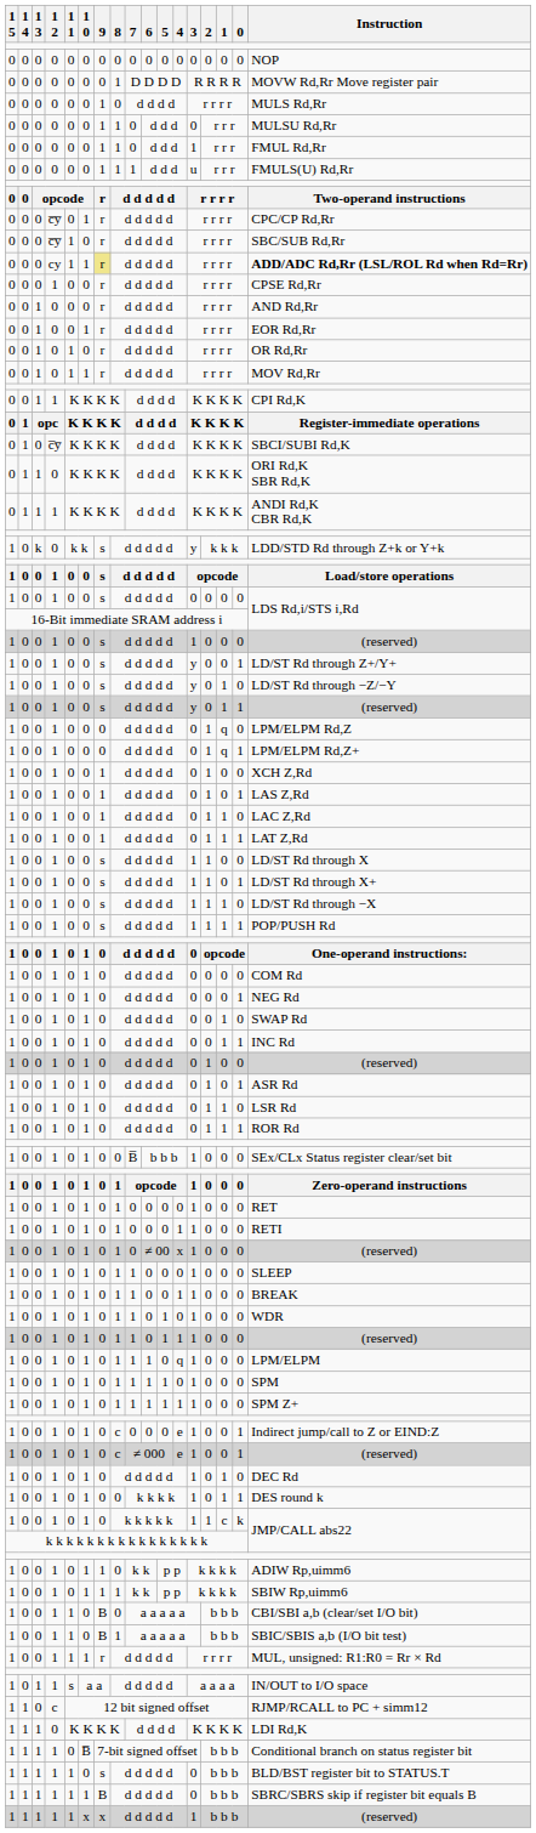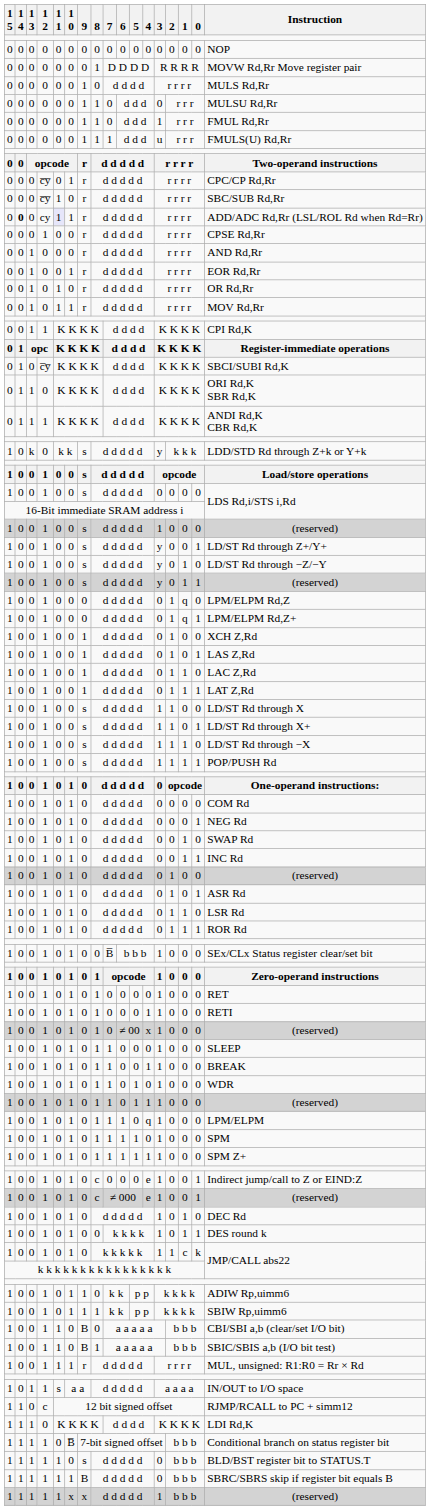 <table class="wikitable" style="text-align:center">
 <tr>
 <th>1<br>5</th>
 <th>1<br>4</th>
 <th>1<br>3</th>
 <th>1<br>2</th>
 <th>1<br>1</th>
 <th>1<br>0</th>
 <th><br>9</th>
 <th><br>8</th>
 <th><br>7</th>
 <th><br>6</th>
 <th><br>5</th>
 <th><br>4</th>
 <th><br>3</th>
 <th><br>2</th>
 <th><br>1</th>
 <th><br>0</th>
 <th>Instruction</th>
 </tr>
 <tr>
 <td colspan=17></td>
 </tr>
 <tr>
 <td>0</td>
 <td>0</td>
 <td>0</td>
 <td>0</td>
 <td>0</td>
 <td>0</td>
 <td>0</td>
 <td>0</td>
 <td>0</td>
 <td>0</td>
 <td>0</td>
 <td>0</td>
 <td>0</td>
 <td>0</td>
 <td>0</td>
 <td>0</td>
 <td align=left>NOP</td>
 </tr>
 <tr>
 <td>0</td>
 <td>0</td>
 <td>0</td>
 <td>0</td>
 <td>0</td>
 <td>0</td>
 <td>0</td>
 <td>1</td>
 <td colspan=4>D D D D</td>
 <td colspan=4>R R R R</td>
 <td align=left>MOVW Rd,Rr Move register pair</td>
 </tr>
 <tr>
 <td>0</td>
 <td>0</td>
 <td>0</td>
 <td>0</td>
 <td>0</td>
 <td>0</td>
 <td>1</td>
 <td>0</td>
 <td colspan=4>d d d d</td>
 <td colspan=4>r r r r</td>
 <td align=left>MULS Rd,Rr</td>
 </tr>
 <tr>
 <td>0</td>
 <td>0</td>
 <td>0</td>
 <td>0</td>
 <td>0</td>
 <td>0</td>
 <td>1</td>
 <td>1</td>
 <td>0</td>
 <td colspan=3>d d d</td>
 <td>0</td>
 <td colspan=3>r r r</td>
 <td align=left>MULSU Rd,Rr</td>
 </tr>
 <tr>
 <td>0</td>
 <td>0</td>
 <td>0</td>
 <td>0</td>
 <td>0</td>
 <td>0</td>
 <td>1</td>
 <td>1</td>
 <td>0</td>
 <td colspan=3>d d d</td>
 <td>1</td>
 <td colspan=3>r r r</td>
 <td align=left>FMUL Rd,Rr</td>
 </tr>
 <tr>
 <td>0</td>
 <td>0</td>
 <td>0</td>
 <td>0</td>
 <td>0</td>
 <td>0</td>
 <td>1</td>
 <td>1</td>
 <td>1</td>
 <td colspan=3>d d d</td>
 <td>u</td>
 <td colspan=3>r r r</td>
 <td align=left>FMULS(U) Rd,Rr</td>
 </tr>
 <tr>
 <td colspan=17></td>
 </tr>
 <tr>
 <th>0</th>
 <th>0</th>
 <th colspan=4>opcode</th>
 <th>r</th>
 <th colspan=5>d d d d d</th>
 <th colspan=4>r r r r</th>
 <th align=left>Two-operand instructions</th>
 </tr>
 <tr>
 <td>0</td>
 <td>0</td>
 <td>0</td>
 <td>c̅y̅</td>
 <td>0</td>
 <td>1</td>
 <td>r</td>
 <td colspan=5>d d d d d</td>
 <td colspan=4>r r r r</td>
 <td align=left>CPC/CP Rd,Rr</td>
 </tr>
 <tr>
 <td>0</td>
 <td>0</td>
 <td>0</td>
 <td>c̅y̅</td>
 <td>1</td>
 <td>0</td>
 <td>r</td>
 <td colspan=5>d d d d d</td>
 <td colspan=4>r r r r</td>
 <td align=left>SBC/SUB Rd,Rr</td>
 </tr>
 <tr>
 <td>0</td>
-<td>0</td>
+<td><strong>0</strong></td>
 <td>0</td>
 <td>cy</td>
+<td style="background: lavender;">1</td>
 <td>1</td>
-<td>1</td>
-<td style="background: khaki;">r</td>
+<td>r</td>
 <td colspan=5>d d d d d</td>
 <td colspan=4>r r r r</td>
-<td align=left><strong>ADD/ADC Rd,Rr (LSL/ROL Rd when Rd=Rr)</strong></td>
+<td align=left>ADD/ADC Rd,Rr (LSL/ROL Rd when Rd=Rr)</td>
 </tr>
 <tr>
 <td>0</td>
 <td>0</td>
 <td>0</td>
 <td>1</td>
 <td>0</td>
 <td>0</td>
 <td>r</td>
 <td colspan=5>d d d d d</td>
 <td colspan=4>r r r r</td>
 <td align=left>CPSE Rd,Rr</td>
 </tr>
 <tr>
 <td>0</td>
 <td>0</td>
 <td>1</td>
 <td>0</td>
 <td>0</td>
 <td>0</td>
 <td>r</td>
 <td colspan=5>d d d d d</td>
 <td colspan=4>r r r r</td>
 <td align=left>AND Rd,Rr</td>
 </tr>
 <tr>
 <td>0</td>
 <td>0</td>
 <td>1</td>
 <td>0</td>
 <td>0</td>
 <td>1</td>
 <td>r</td>
 <td colspan=5>d d d d d</td>
 <td colspan=4>r r r r</td>
 <td align=left>EOR Rd,Rr</td>
 </tr>
 <tr>
 <td>0</td>
 <td>0</td>
 <td>1</td>
 <td>0</td>
 <td>1</td>
 <td>0</td>
 <td>r</td>
 <td colspan=5>d d d d d</td>
 <td colspan=4>r r r r</td>
 <td align=left>OR Rd,Rr</td>
 </tr>
 <tr>
 <td>0</td>
 <td>0</td>
 <td>1</td>
 <td>0</td>
 <td>1</td>
 <td>1</td>
 <td>r</td>
 <td colspan=5>d d d d d</td>
 <td colspan=4>r r r r</td>
 <td align=left>MOV Rd,Rr</td>
 </tr>
 <tr>
 <td colspan=17></td>
 </tr>
 <tr>
 <td>0</td>
 <td>0</td>
 <td>1</td>
 <td>1</td>
 <td colspan=4>K K K K</td>
 <td colspan=4>d d d d</td>
 <td colspan=4>K K K K</td>
 <td align=left>CPI Rd,K</td>
 </tr>
 <tr>
 <th>0</th>
 <th>1</th>
 <th colspan=2>opc</th>
 <th colspan=4>K K K K</th>
 <th colspan=4>d d d d</th>
 <th colspan=4>K K K K</th>
 <th align=left>Register-immediate operations</th>
 </tr>
 <tr>
 <td>0</td>
 <td>1</td>
 <td>0</td>
 <td>c̅y̅</td>
 <td colspan=4>K K K K</td>
 <td colspan=4>d d d d</td>
 <td colspan=4>K K K K</td>
 <td align=left>SBCI/SUBI Rd,K</td>
 </tr>
 <tr>
 <td>0</td>
 <td>1</td>
 <td>1</td>
 <td>0</td>
 <td colspan=4>K K K K</td>
 <td colspan=4>d d d d</td>
 <td colspan=4>K K K K</td>
 <td align=left>ORI Rd,K<br>SBR Rd,K</td>
 </tr>
 <tr>
 <td>0</td>
 <td>1</td>
 <td>1</td>
 <td>1</td>
 <td colspan=4>K K K K</td>
 <td colspan=4>d d d d</td>
 <td colspan=4>K K K K</td>
 <td align=left>ANDI Rd,K<br>CBR Rd,K</td>
 </tr>
 <tr>
 <td colspan=17></td>
 </tr>
 <tr>
 <td>1</td>
 <td>0</td>
 <td>k</td>
 <td>0</td>
 <td colspan=2>k k</td>
 <td>s</td>
 <td colspan=5>d  d  d  d  d</td>
 <td>y</td>
 <td colspan=3>k k k</td>
 <td align=left>LDD/STD Rd through Z+k or Y+k</td>
 </tr>
 <tr>
 <td colspan=17></td>
 </tr>
 <tr>
 <th>1</th>
 <th>0</th>
 <th>0</th>
 <th>1</th>
 <th>0</th>
 <th>0</th>
 <th>s</th>
 <th colspan=5>d d d d d</th>
 <th colspan=4>opcode</th>
 <th align=left>Load/store operations</th>
 </tr>
 <tr>
 <td>1</td>
 <td>0</td>
 <td>0</td>
 <td>1</td>
 <td>0</td>
 <td>0</td>
 <td>s</td>
 <td colspan=5>d d d d d</td>
 <td>0</td>
 <td>0</td>
 <td>0</td>
 <td>0</td>
 <td align=left rowspan=2>LDS Rd,i/STS i,Rd</td>
 </tr>
 <tr>
 <td colspan=16>16-Bit immediate SRAM address i</td>
 </tr>
 <tr bgcolor=lightgray>
 <td>1</td>
 <td>0</td>
 <td>0</td>
 <td>1</td>
 <td>0</td>
 <td>0</td>
 <td>s</td>
 <td colspan=5>d d d d d</td>
 <td>1</td>
 <td>0</td>
 <td>0</td>
 <td>0</td>
 <td>(reserved)</td>
 </tr>
 <tr>
 <td>1</td>
 <td>0</td>
 <td>0</td>
 <td>1</td>
 <td>0</td>
 <td>0</td>
 <td>s</td>
 <td colspan=5>d d d d d</td>
 <td>y</td>
 <td>0</td>
 <td>0</td>
 <td>1</td>
 <td align=left>LD/ST Rd through Z+/Y+</td>
 </tr>
 <tr>
 <td>1</td>
 <td>0</td>
 <td>0</td>
 <td>1</td>
 <td>0</td>
 <td>0</td>
 <td>s</td>
 <td colspan=5>d d d d d</td>
 <td>y</td>
 <td>0</td>
 <td>1</td>
 <td>0</td>
 <td align=left>LD/ST Rd through −Z/−Y</td>
 </tr>
 <tr bgcolor=lightgray>
 <td>1</td>
 <td>0</td>
 <td>0</td>
 <td>1</td>
 <td>0</td>
 <td>0</td>
 <td>s</td>
 <td colspan=5>d d d d d</td>
 <td>y</td>
 <td>0</td>
 <td>1</td>
 <td>1</td>
 <td>(reserved)</td>
 </tr>
 <tr>
 <td>1</td>
 <td>0</td>
 <td>0</td>
 <td>1</td>
 <td>0</td>
 <td>0</td>
 <td>0</td>
 <td colspan=5>d d d d d</td>
 <td>0</td>
 <td>1</td>
 <td>q</td>
 <td>0</td>
 <td align=left>LPM/ELPM Rd,Z</td>
 </tr>
 <tr>
 <td>1</td>
 <td>0</td>
 <td>0</td>
 <td>1</td>
 <td>0</td>
 <td>0</td>
 <td>0</td>
 <td colspan=5>d d d d d</td>
 <td>0</td>
 <td>1</td>
 <td>q</td>
 <td>1</td>
 <td align=left>LPM/ELPM Rd,Z+</td>
 </tr>
 <tr>
 <td>1</td>
 <td>0</td>
 <td>0</td>
 <td>1</td>
 <td>0</td>
 <td>0</td>
 <td>1</td>
 <td colspan=5>d d d d d</td>
 <td>0</td>
 <td>1</td>
 <td>0</td>
 <td>0</td>
 <td align=left>XCH Z,Rd</td>
 </tr>
 <tr>
 <td>1</td>
 <td>0</td>
 <td>0</td>
 <td>1</td>
 <td>0</td>
 <td>0</td>
 <td>1</td>
 <td colspan=5>d d d d d</td>
 <td>0</td>
 <td>1</td>
 <td>0</td>
 <td>1</td>
 <td align=left>LAS Z,Rd</td>
 </tr>
 <tr>
 <td>1</td>
 <td>0</td>
 <td>0</td>
 <td>1</td>
 <td>0</td>
 <td>0</td>
 <td>1</td>
 <td colspan=5>d d d d d</td>
 <td>0</td>
 <td>1</td>
 <td>1</td>
 <td>0</td>
 <td align=left>LAC Z,Rd</td>
 </tr>
 <tr>
 <td>1</td>
 <td>0</td>
 <td>0</td>
 <td>1</td>
 <td>0</td>
 <td>0</td>
 <td>1</td>
 <td colspan=5>d d d d d</td>
 <td>0</td>
 <td>1</td>
 <td>1</td>
 <td>1</td>
 <td align=left>LAT Z,Rd</td>
 </tr>
 <tr>
 <td>1</td>
 <td>0</td>
 <td>0</td>
 <td>1</td>
 <td>0</td>
 <td>0</td>
 <td>s</td>
 <td colspan=5>d d d d d</td>
 <td>1</td>
 <td>1</td>
 <td>0</td>
 <td>0</td>
 <td align=left>LD/ST Rd through X</td>
 </tr>
 <tr>
 <td>1</td>
 <td>0</td>
 <td>0</td>
 <td>1</td>
 <td>0</td>
 <td>0</td>
 <td>s</td>
 <td colspan=5>d d d d d</td>
 <td>1</td>
 <td>1</td>
 <td>0</td>
 <td>1</td>
 <td align=left>LD/ST Rd through X+</td>
 </tr>
 <tr>
 <td>1</td>
 <td>0</td>
 <td>0</td>
 <td>1</td>
 <td>0</td>
 <td>0</td>
 <td>s</td>
 <td colspan=5>d d d d d</td>
 <td>1</td>
 <td>1</td>
 <td>1</td>
 <td>0</td>
 <td align=left>LD/ST Rd through −X</td>
 </tr>
 <tr>
 <td>1</td>
 <td>0</td>
 <td>0</td>
 <td>1</td>
 <td>0</td>
 <td>0</td>
 <td>s</td>
 <td colspan=5>d d d d d</td>
 <td>1</td>
 <td>1</td>
 <td>1</td>
 <td>1</td>
 <td align=left>POP/PUSH Rd</td>
 </tr>
 <tr>
 <td colspan=17></td>
 </tr>
 <tr>
 <th>1</th>
 <th>0</th>
 <th>0</th>
 <th>1</th>
 <th>0</th>
 <th>1</th>
 <th>0</th>
 <th colspan=5>d d d d d</th>
 <th>0</th>
 <th colspan=3>opcode</th>
 <th align=left>One-operand instructions:</th>
 </tr>
 <tr>
 <td>1</td>
 <td>0</td>
 <td>0</td>
 <td>1</td>
 <td>0</td>
 <td>1</td>
 <td>0</td>
 <td colspan=5>d d d d d</td>
 <td>0</td>
 <td>0</td>
 <td>0</td>
 <td>0</td>
 <td align=left>COM Rd</td>
 </tr>
 <tr>
 <td>1</td>
 <td>0</td>
 <td>0</td>
 <td>1</td>
 <td>0</td>
 <td>1</td>
 <td>0</td>
 <td colspan=5>d d d d d</td>
 <td>0</td>
 <td>0</td>
 <td>0</td>
 <td>1</td>
 <td align=left>NEG Rd</td>
 </tr>
 <tr>
 <td>1</td>
 <td>0</td>
 <td>0</td>
 <td>1</td>
 <td>0</td>
 <td>1</td>
 <td>0</td>
 <td colspan=5>d d d d d</td>
 <td>0</td>
 <td>0</td>
 <td>1</td>
 <td>0</td>
 <td align=left>SWAP Rd</td>
 </tr>
 <tr>
 <td>1</td>
 <td>0</td>
 <td>0</td>
 <td>1</td>
 <td>0</td>
 <td>1</td>
 <td>0</td>
 <td colspan=5>d d d d d</td>
 <td>0</td>
 <td>0</td>
 <td>1</td>
 <td>1</td>
 <td align=left>INC Rd</td>
 </tr>
 <tr bgcolor=lightgray>
 <td>1</td>
 <td>0</td>
 <td>0</td>
 <td>1</td>
 <td>0</td>
 <td>1</td>
 <td>0</td>
 <td colspan=5>d d d d d</td>
 <td>0</td>
 <td>1</td>
 <td>0</td>
 <td>0</td>
 <td>(reserved)</td>
 </tr>
 <tr>
 <td>1</td>
 <td>0</td>
 <td>0</td>
 <td>1</td>
 <td>0</td>
 <td>1</td>
 <td>0</td>
 <td colspan=5>d d d d d</td>
 <td>0</td>
 <td>1</td>
 <td>0</td>
 <td>1</td>
 <td align=left>ASR Rd</td>
 </tr>
 <tr>
 <td>1</td>
 <td>0</td>
 <td>0</td>
 <td>1</td>
 <td>0</td>
 <td>1</td>
 <td>0</td>
 <td colspan=5>d d d d d</td>
 <td>0</td>
 <td>1</td>
 <td>1</td>
 <td>0</td>
 <td align=left>LSR Rd</td>
 </tr>
 <tr>
 <td>1</td>
 <td>0</td>
 <td>0</td>
 <td>1</td>
 <td>0</td>
 <td>1</td>
 <td>0</td>
 <td colspan=5>d d d d d</td>
 <td>0</td>
 <td>1</td>
 <td>1</td>
 <td>1</td>
 <td align=left>ROR Rd</td>
 </tr>
 <tr>
 <td colspan=17></td>
 </tr>
 <tr>
 <td>1</td>
 <td>0</td>
 <td>0</td>
 <td>1</td>
 <td>0</td>
 <td>1</td>
 <td>0</td>
 <td>0</td>
 <td>B̅</td>
 <td colspan=3>b b b</td>
 <td>1</td>
 <td>0</td>
 <td>0</td>
 <td>0</td>
 <td align=left>SEx/CLx Status register clear/set bit</td>
 </tr>
 <tr>
 <td colspan=17></td>
 </tr>
 <tr>
 <th>1</th>
 <th>0</th>
 <th>0</th>
 <th>1</th>
 <th>0</th>
 <th>1</th>
 <th>0</th>
 <th>1</th>
 <th colspan=4>opcode</th>
 <th>1</th>
 <th>0</th>
 <th>0</th>
 <th>0</th>
 <th align=left>Zero-operand instructions</th>
 </tr>
 <tr>
 <td>1</td>
 <td>0</td>
 <td>0</td>
 <td>1</td>
 <td>0</td>
 <td>1</td>
 <td>0</td>
 <td>1</td>
 <td>0</td>
 <td>0</td>
 <td>0</td>
 <td>0</td>
 <td>1</td>
 <td>0</td>
 <td>0</td>
 <td>0</td>
 <td align=left>RET</td>
 </tr>
 <tr>
 <td>1</td>
 <td>0</td>
 <td>0</td>
 <td>1</td>
 <td>0</td>
 <td>1</td>
 <td>0</td>
 <td>1</td>
 <td>0</td>
 <td>0</td>
 <td>0</td>
 <td>1</td>
 <td>1</td>
 <td>0</td>
 <td>0</td>
 <td>0</td>
 <td align=left>RETI</td>
 </tr>
 <tr bgcolor=lightgray>
 <td>1</td>
 <td>0</td>
 <td>0</td>
 <td>1</td>
 <td>0</td>
 <td>1</td>
 <td>0</td>
 <td>1</td>
 <td>0</td>
 <td colspan=2>≠ 00</td>
 <td>x</td>
 <td>1</td>
 <td>0</td>
 <td>0</td>
 <td>0</td>
 <td>(reserved)</td>
 </tr>
 <tr>
 <td>1</td>
 <td>0</td>
 <td>0</td>
 <td>1</td>
 <td>0</td>
 <td>1</td>
 <td>0</td>
 <td>1</td>
 <td>1</td>
 <td>0</td>
 <td>0</td>
 <td>0</td>
 <td>1</td>
 <td>0</td>
 <td>0</td>
 <td>0</td>
 <td align=left>SLEEP</td>
 </tr>
 <tr>
 <td>1</td>
 <td>0</td>
 <td>0</td>
 <td>1</td>
 <td>0</td>
 <td>1</td>
 <td>0</td>
 <td>1</td>
 <td>1</td>
 <td>0</td>
 <td>0</td>
 <td>1</td>
 <td>1</td>
 <td>0</td>
 <td>0</td>
 <td>0</td>
 <td align=left>BREAK</td>
 </tr>
 <tr>
 <td>1</td>
 <td>0</td>
 <td>0</td>
 <td>1</td>
 <td>0</td>
 <td>1</td>
 <td>0</td>
 <td>1</td>
 <td>1</td>
 <td>0</td>
 <td>1</td>
 <td>0</td>
 <td>1</td>
 <td>0</td>
 <td>0</td>
 <td>0</td>
 <td align=left>WDR</td>
 </tr>
 <tr bgcolor=lightgray>
 <td>1</td>
 <td>0</td>
 <td>0</td>
 <td>1</td>
 <td>0</td>
 <td>1</td>
 <td>0</td>
 <td>1</td>
 <td>1</td>
 <td>0</td>
 <td>1</td>
 <td>1</td>
 <td>1</td>
 <td>0</td>
 <td>0</td>
 <td>0</td>
 <td>(reserved)</td>
 </tr>
 <tr>
 <td>1</td>
 <td>0</td>
 <td>0</td>
 <td>1</td>
 <td>0</td>
 <td>1</td>
 <td>0</td>
 <td>1</td>
 <td>1</td>
 <td>1</td>
 <td>0</td>
 <td>q</td>
 <td>1</td>
 <td>0</td>
 <td>0</td>
 <td>0</td>
 <td align=left>LPM/ELPM</td>
 </tr>
 <tr>
 <td>1</td>
 <td>0</td>
 <td>0</td>
 <td>1</td>
 <td>0</td>
 <td>1</td>
 <td>0</td>
 <td>1</td>
 <td>1</td>
 <td>1</td>
 <td>1</td>
 <td>0</td>
 <td>1</td>
 <td>0</td>
 <td>0</td>
 <td>0</td>
 <td align=left>SPM</td>
 </tr>
 <tr>
 <td>1</td>
 <td>0</td>
 <td>0</td>
 <td>1</td>
 <td>0</td>
 <td>1</td>
 <td>0</td>
 <td>1</td>
 <td>1</td>
 <td>1</td>
 <td>1</td>
 <td>1</td>
 <td>1</td>
 <td>0</td>
 <td>0</td>
 <td>0</td>
 <td align=left>SPM Z+</td>
 </tr>
 <tr>
 <td colspan=17></td>
 </tr>
 <tr>
 <td>1</td>
 <td>0</td>
 <td>0</td>
 <td>1</td>
 <td>0</td>
 <td>1</td>
 <td>0</td>
 <td>c</td>
 <td>0</td>
 <td>0</td>
 <td>0</td>
 <td>e</td>
 <td>1</td>
 <td>0</td>
 <td>0</td>
 <td>1</td>
 <td align=left>Indirect jump/call to Z or EIND:Z</td>
 </tr>
 <tr bgcolor=lightgray>
 <td>1</td>
 <td>0</td>
 <td>0</td>
 <td>1</td>
 <td>0</td>
 <td>1</td>
 <td>0</td>
 <td>c</td>
 <td colspan=3>≠ 000</td>
 <td>e</td>
 <td>1</td>
 <td>0</td>
 <td>0</td>
 <td>1</td>
 <td>(reserved)</td>
 </tr>
 <tr>
 <td>1</td>
 <td>0</td>
 <td>0</td>
 <td>1</td>
 <td>0</td>
 <td>1</td>
 <td>0</td>
 <td colspan=5>d d d d d</td>
 <td>1</td>
 <td>0</td>
 <td>1</td>
 <td>0</td>
 <td align=left>DEC Rd</td>
 </tr>
 <tr>
 <td>1</td>
 <td>0</td>
 <td>0</td>
 <td>1</td>
 <td>0</td>
 <td>1</td>
 <td>0</td>
 <td>0</td>
 <td colspan=4>k k k k</td>
 <td>1</td>
 <td>0</td>
 <td>1</td>
 <td>1</td>
 <td align=left>DES round k</td>
 </tr>
 <tr>
 <td>1</td>
 <td>0</td>
 <td>0</td>
 <td>1</td>
 <td>0</td>
 <td>1</td>
 <td>0</td>
 <td colspan=5>k k k k k</td>
 <td>1</td>
 <td>1</td>
 <td>c</td>
 <td>k</td>
 <td align=left rowspan=2>JMP/CALL abs22</td>
 </tr>
 <tr>
 <td colspan=16>k k k k k k k k k k k k k k k k</td>
 </tr>
 <tr>
 <td colspan=17></td>
 </tr>
 <tr>
 <td>1</td>
 <td>0</td>
 <td>0</td>
 <td>1</td>
 <td>0</td>
 <td>1</td>
 <td>1</td>
 <td>0</td>
 <td colspan=2>k k</td>
 <td colspan=2>p p</td>
 <td colspan=4>k k k k</td>
 <td align=left>ADIW Rp,uimm6</td>
 </tr>
 <tr>
 <td>1</td>
 <td>0</td>
 <td>0</td>
 <td>1</td>
 <td>0</td>
 <td>1</td>
 <td>1</td>
 <td>1</td>
 <td colspan=2>k k</td>
 <td colspan=2>p p</td>
 <td colspan=4>k k k k</td>
 <td align=left>SBIW Rp,uimm6</td>
 </tr>
 <tr>
 <td>1</td>
 <td>0</td>
 <td>0</td>
 <td>1</td>
 <td>1</td>
 <td>0</td>
 <td>B</td>
 <td>0</td>
 <td colspan=5>a a a a a</td>
 <td colspan=3>b b b</td>
 <td align=left>CBI/SBI a,b (clear/set I/O bit)</td>
 </tr>
 <tr>
 <td>1</td>
 <td>0</td>
 <td>0</td>
 <td>1</td>
 <td>1</td>
 <td>0</td>
 <td>B</td>
 <td>1</td>
 <td colspan=5>a a a a a</td>
 <td colspan=3>b b b</td>
 <td align=left>SBIC/SBIS a,b (I/O bit test)</td>
 </tr>
 <tr>
 <td>1</td>
 <td>0</td>
 <td>0</td>
 <td>1</td>
 <td>1</td>
 <td>1</td>
 <td>r</td>
 <td colspan=5>d d d d d</td>
 <td colspan=4>r r r r</td>
 <td align=left>MUL, unsigned: R1:R0 = Rr × Rd</td>
 </tr>
 <tr>
 <td colspan=17></td>
 </tr>
 <tr>
 <td>1</td>
 <td>0</td>
 <td>1</td>
 <td>1</td>
 <td>s</td>
 <td colspan=2>a a</td>
 <td colspan=5>d d d d d</td>
 <td colspan=4>a a a a</td>
 <td align=left>IN/OUT to I/O space</td>
 </tr>
 <tr>
 <td>1</td>
 <td>1</td>
 <td>0</td>
 <td>c</td>
 <td colspan=12>12 bit signed offset</td>
 <td align=left>RJMP/RCALL to PC + simm12</td>
 </tr>
 <tr>
 <td>1</td>
 <td>1</td>
 <td>1</td>
 <td>0</td>
 <td colspan=4>K K K K</td>
 <td colspan=4>d d d d</td>
 <td colspan=4>K K K K</td>
 <td align=left>LDI Rd,K</td>
 </tr>
 <tr>
 <td>1</td>
 <td>1</td>
 <td>1</td>
 <td>1</td>
 <td>0</td>
 <td>B̅</td>
 <td colspan=7>7-bit signed offset</td>
 <td colspan=3>b b b</td>
 <td align=left>Conditional branch on status register bit</td>
 </tr>
 <tr>
 <td>1</td>
 <td>1</td>
 <td>1</td>
 <td>1</td>
 <td>1</td>
 <td>0</td>
 <td>s</td>
 <td colspan=5>d d d d d</td>
 <td>0</td>
 <td colspan=3>b b b</td>
 <td align=left>BLD/BST register bit to STATUS.T</td>
 </tr>
 <tr>
 <td>1</td>
 <td>1</td>
 <td>1</td>
 <td>1</td>
 <td>1</td>
 <td>1</td>
 <td>B</td>
 <td colspan=5>d d d d d</td>
 <td>0</td>
 <td colspan=3>b b b</td>
 <td align=left>SBRC/SBRS skip if register bit equals B</td>
 </tr>
 <tr bgcolor=lightgray>
 <td>1</td>
 <td>1</td>
 <td>1</td>
 <td>1</td>
 <td>1</td>
 <td>x</td>
 <td>x</td>
 <td colspan=5>d d d d d</td>
 <td>1</td>
 <td colspan=3>b b b</td>
 <td>(reserved)</td>
 </tr>
 </table>
